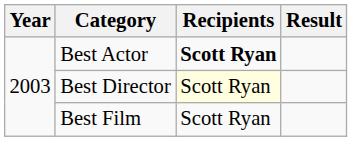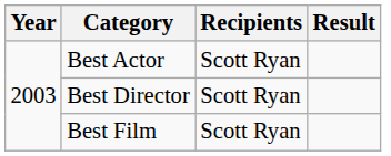 <table class="wikitable">
 <tr>
 <th>Year</th>
 <th>Category</th>
 <th>Recipients</th>
 <th>Result</th>
 </tr>
 <tr>
 <td rowspan="3">2003</td>
 <td>Best Actor</td>
-<td><strong>Scott Ryan</strong></td>
+<td>Scott Ryan</td>
 <td></td>
 </tr>
 <tr>
 <td>Best Director</td>
-<td style="background: lightyellow;">Scott Ryan</td>
+<td>Scott Ryan</td>
 <td></td>
 </tr>
 <tr>
 <td>Best Film</td>
 <td>Scott Ryan</td>
 <td></td>
 </tr>
 </table>
